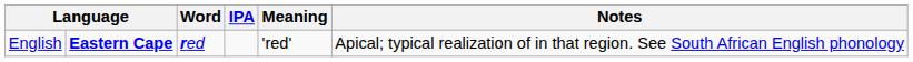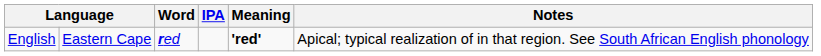 <table class="wikitable">
 <tr>
 <th colspan="2">Language</th>
 <th>Word</th>
 <th><a href='#'>IPA</a></th>
 <th>Meaning</th>
 <th>Notes</th>
 </tr>
 <tr>
 <td><a href='#'>English</a></td>
-<td><strong><a href='#'>Eastern Cape</a></strong></td>
+<td><a href='#'>Eastern Cape</a></td>
 <td><em><a href='#'><strong>r</strong>ed</a></em></td>
 <td></td>
-<td>'red'</td>
+<td><strong>'red'</strong></td>
 <td>Apical; typical realization of  in that region. See <a href='#'>South African English phonology</a></td>
 </tr>
 </table>
